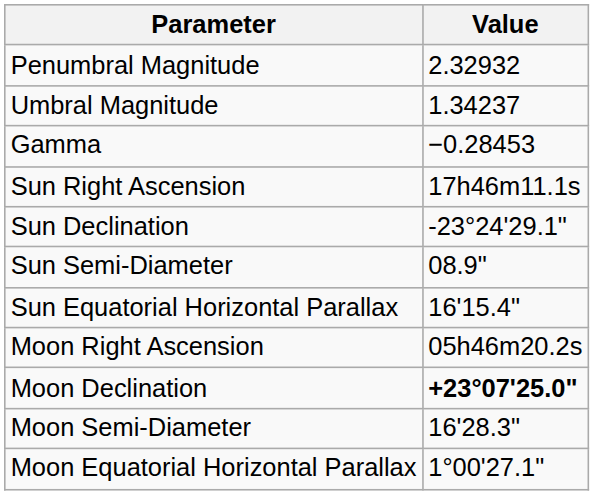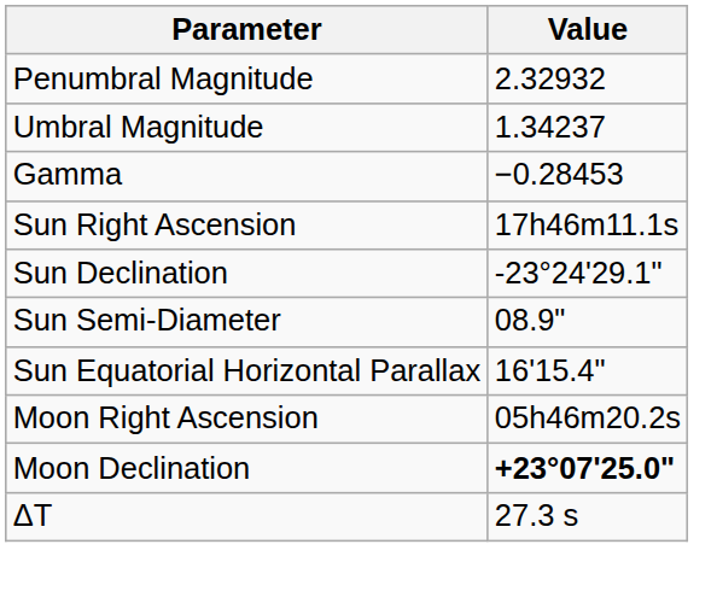 <table class="wikitable">
 <tr>
 <th>Parameter</th>
 <th>Value</th>
 </tr>
 <tr>
 <td>Penumbral Magnitude</td>
 <td>2.32932</td>
 </tr>
 <tr>
 <td>Umbral Magnitude</td>
 <td>1.34237</td>
 </tr>
 <tr>
 <td>Gamma</td>
 <td>−0.28453</td>
 </tr>
 <tr>
 <td>Sun Right Ascension</td>
 <td>17h46m11.1s</td>
 </tr>
 <tr>
 <td>Sun Declination</td>
 <td>-23°24'29.1"</td>
 </tr>
 <tr>
 <td>Sun Semi-Diameter</td>
 <td>08.9"</td>
 </tr>
 <tr>
 <td>Sun Equatorial Horizontal Parallax</td>
 <td>16'15.4"</td>
 </tr>
 <tr>
 <td>Moon Right Ascension</td>
 <td>05h46m20.2s</td>
 </tr>
 <tr>
 <td>Moon Declination</td>
 <td><strong>+23°07'25.0"</strong></td>
 </tr>
 <tr>
-<td>Moon Semi-Diameter</td>
-<td>16'28.3"</td>
-</tr>
-<tr>
-<td>Moon Equatorial Horizontal Parallax</td>
-<td>1°00'27.1"</td>
+<td>ΔT</td>
+<td>27.3 s</td>
 </tr>
 </table>
